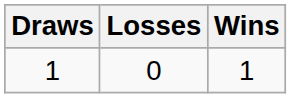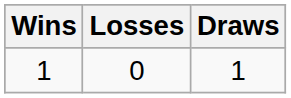 <table class="wikitable">
 <tr>
+<th>Wins</th>
+<th>Losses</th>
 <th>Draws</th>
-<th>Losses</th>
-<th>Wins</th>
 </tr>
 <tr>
 <td align=center>1</td>
 <td align=center>0</td>
 <td align=center>1</td>
 </tr>
 </table>
